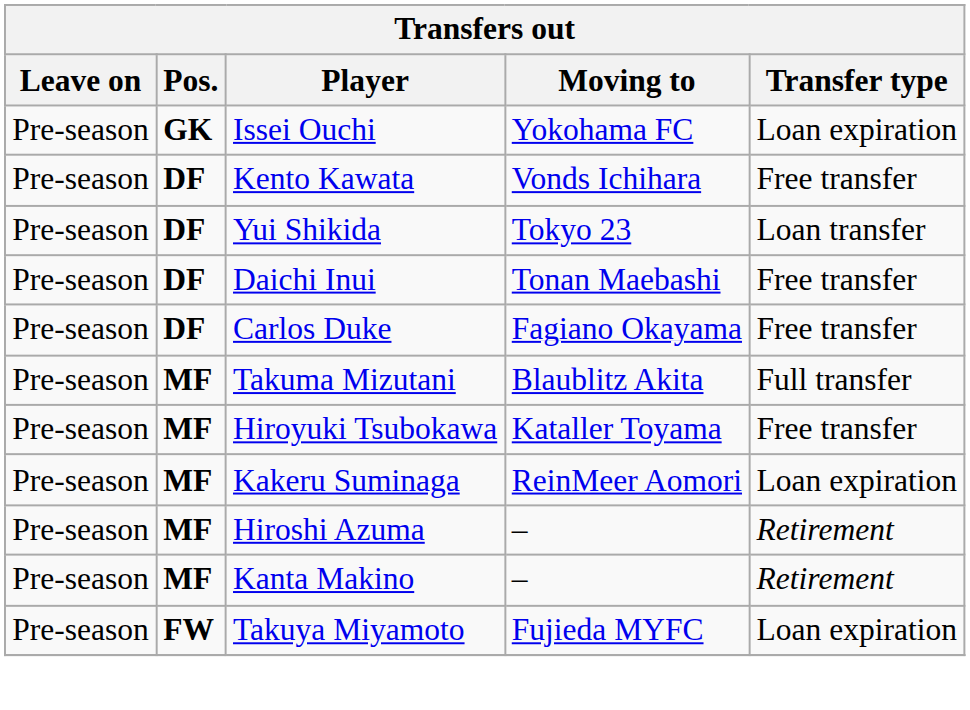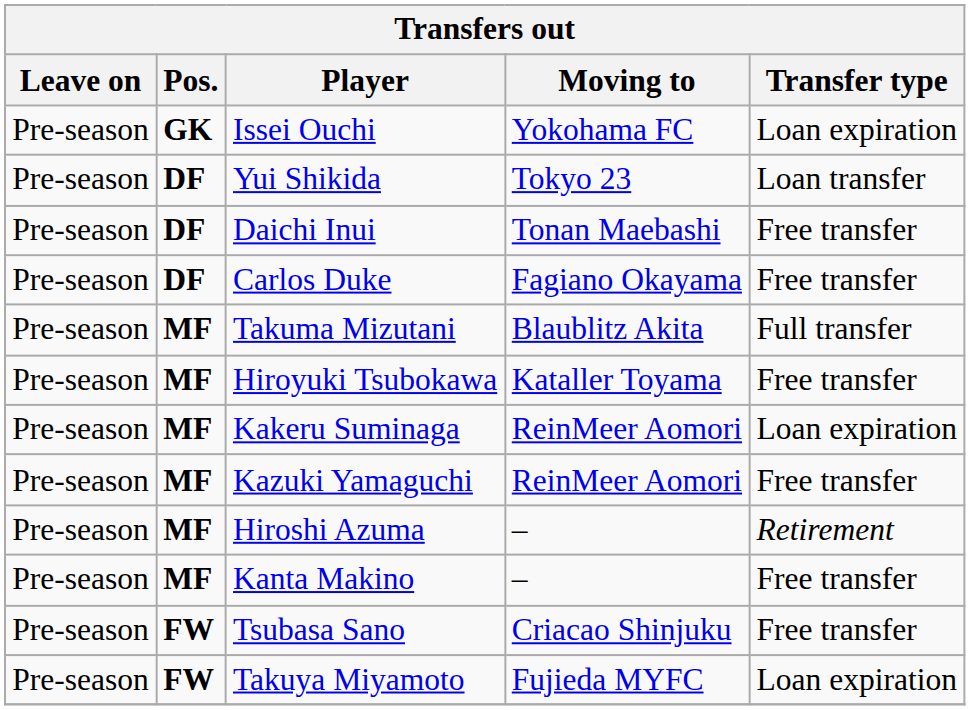 <table class="wikitable sortable" style=“text-align:left;>
 <tr>
 <th colspan="5">Transfers out</th>
 </tr>
 <tr>
 <th>Leave on</th>
 <th>Pos.</th>
 <th>Player</th>
 <th>Moving to</th>
 <th>Transfer type</th>
 </tr>
 <tr>
 <td>Pre-season</td>
 <td><strong>GK</strong></td>
 <td> <a href='#'>Issei Ouchi</a></td>
 <td> <a href='#'>Yokohama FC</a></td>
 <td>Loan expiration</td>
-</tr>
-<tr>
-<td>Pre-season</td>
-<td><strong>DF</strong></td>
-<td> <a href='#'>Kento Kawata</a></td>
-<td> <a href='#'>Vonds Ichihara</a></td>
-<td>Free transfer</td>
 </tr>
 <tr>
 <td>Pre-season</td>
 <td><strong>DF</strong></td>
 <td> <a href='#'>Yui Shikida</a></td>
 <td> <a href='#'>Tokyo 23</a></td>
 <td>Loan transfer</td>
 </tr>
 <tr>
 <td>Pre-season</td>
 <td><strong>DF</strong></td>
 <td> <a href='#'>Daichi Inui</a></td>
 <td> <a href='#'>Tonan Maebashi</a></td>
 <td>Free transfer</td>
 </tr>
 <tr>
 <td>Pre-season</td>
 <td><strong>DF</strong></td>
 <td> <a href='#'>Carlos Duke</a></td>
 <td> <a href='#'>Fagiano Okayama</a></td>
 <td>Free transfer</td>
 </tr>
 <tr>
 <td>Pre-season</td>
 <td><strong>MF</strong></td>
 <td> <a href='#'>Takuma Mizutani</a></td>
 <td> <a href='#'>Blaublitz Akita</a></td>
 <td>Full transfer</td>
 </tr>
 <tr>
 <td>Pre-season</td>
 <td><strong>MF</strong></td>
 <td> <a href='#'>Hiroyuki Tsubokawa</a></td>
 <td> <a href='#'>Kataller Toyama</a></td>
 <td>Free transfer</td>
 </tr>
 <tr>
 <td>Pre-season</td>
 <td><strong>MF</strong></td>
 <td> <a href='#'>Kakeru Suminaga</a></td>
 <td> <a href='#'>ReinMeer Aomori</a></td>
 <td>Loan expiration</td>
 </tr>
 <tr>
 <td>Pre-season</td>
 <td><strong>MF</strong></td>
+<td> <a href='#'>Kazuki Yamaguchi</a></td>
+<td> <a href='#'>ReinMeer Aomori</a></td>
+<td>Free transfer</td>
+</tr>
+<tr>
+<td>Pre-season</td>
+<td><strong>MF</strong></td>
 <td> <a href='#'>Hiroshi Azuma</a></td>
 <td>–</td>
 <td><em>Retirement</em></td>
 </tr>
 <tr>
 <td>Pre-season</td>
 <td><strong>MF</strong></td>
 <td> <a href='#'>Kanta Makino</a></td>
 <td>–</td>
-<td><em>Retirement</em></td>
+<td>Free transfer</td>
+</tr>
+<tr>
+<td>Pre-season</td>
+<td><strong>FW</strong></td>
+<td> <a href='#'>Tsubasa Sano</a></td>
+<td> <a href='#'>Criacao Shinjuku</a></td>
+<td>Free transfer</td>
 </tr>
 <tr>
 <td>Pre-season</td>
 <td><strong>FW</strong></td>
 <td> <a href='#'>Takuya Miyamoto</a></td>
 <td> <a href='#'>Fujieda MYFC</a></td>
 <td>Loan expiration</td>
 </tr>
 <tr>
 </tr>
 </table>
